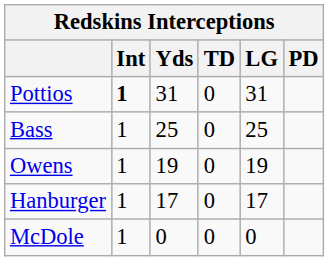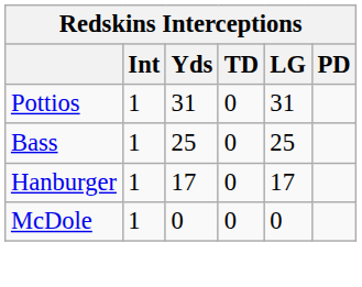 <table class="wikitable">
 <tr>
 <th colspan="6">Redskins Interceptions</th>
 </tr>
 <tr>
 <th></th>
 <th>Int</th>
 <th>Yds</th>
 <th>TD</th>
 <th>LG</th>
 <th>PD</th>
 </tr>
 <tr>
 <td><a href='#'>Pottios</a></td>
-<td><strong>1</strong></td>
+<td>1</td>
 <td>31</td>
 <td>0</td>
 <td>31</td>
 <td></td>
 </tr>
 <tr>
 <td><a href='#'>Bass</a></td>
 <td>1</td>
 <td>25</td>
 <td>0</td>
 <td>25</td>
-<td></td>
-</tr>
-<tr>
-<td><a href='#'>Owens</a></td>
-<td>1</td>
-<td>19</td>
-<td>0</td>
-<td>19</td>
 <td></td>
 </tr>
 <tr>
 <td><a href='#'>Hanburger</a></td>
 <td>1</td>
 <td>17</td>
 <td>0</td>
 <td>17</td>
 <td></td>
 </tr>
 <tr>
 <td><a href='#'>McDole</a></td>
 <td>1</td>
 <td>0</td>
 <td>0</td>
 <td>0</td>
 <td></td>
 </tr>
 </table>
